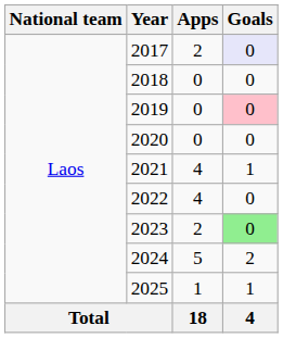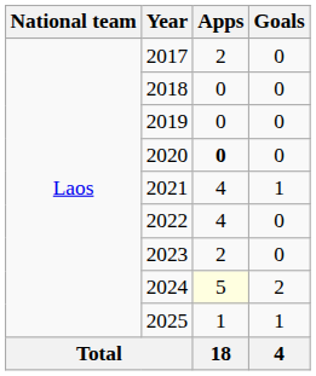 <table class="wikitable" style="text-align:center">
 <tr>
 <th>National team</th>
 <th>Year</th>
 <th>Apps</th>
 <th>Goals</th>
 </tr>
 <tr>
 <td rowspan="9"><a href='#'>Laos</a></td>
 <td>2017</td>
 <td>2</td>
-<td style="background: lavender;">0</td>
+<td>0</td>
 </tr>
 <tr>
 <td>2018</td>
 <td>0</td>
 <td>0</td>
 </tr>
 <tr>
 <td>2019</td>
 <td>0</td>
-<td style="background: pink;">0</td>
+<td>0</td>
 </tr>
 <tr>
 <td>2020</td>
-<td>0</td>
+<td><strong>0</strong></td>
 <td>0</td>
 </tr>
 <tr>
 <td>2021</td>
 <td>4</td>
 <td>1</td>
 </tr>
 <tr>
 <td>2022</td>
 <td>4</td>
 <td>0</td>
 </tr>
 <tr>
 <td>2023</td>
 <td>2</td>
-<td style="background: lightgreen;">0</td>
+<td>0</td>
 </tr>
 <tr>
 <td>2024</td>
-<td>5</td>
+<td style="background: lightyellow;">5</td>
 <td>2</td>
 </tr>
 <tr>
 <td>2025</td>
 <td>1</td>
 <td>1</td>
 </tr>
 <tr>
 <th colspan=2>Total</th>
 <th>18</th>
 <th>4</th>
 </tr>
 </table>
